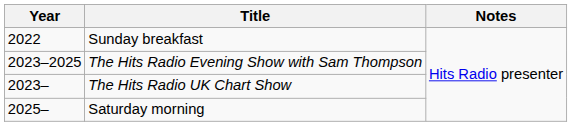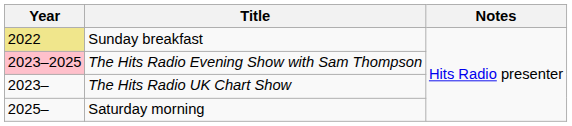 <table class="wikitable">
 <tr>
 <th>Year</th>
 <th>Title</th>
 <th>Notes</th>
 </tr>
 <tr>
-<td>2022</td>
+<td style="background: khaki;">2022</td>
 <td>Sunday breakfast</td>
 <td rowspan=4><a href='#'>Hits Radio</a> presenter</td>
 </tr>
 <tr>
-<td>2023–2025</td>
+<td style="background: pink;">2023–2025</td>
 <td><em>The Hits Radio Evening Show with Sam Thompson</em></td>
 </tr>
 <tr>
 <td>2023–</td>
 <td><em>The Hits Radio UK Chart Show</em></td>
 </tr>
 <tr>
 <td>2025–</td>
 <td>Saturday morning</td>
 </tr>
 </table>
